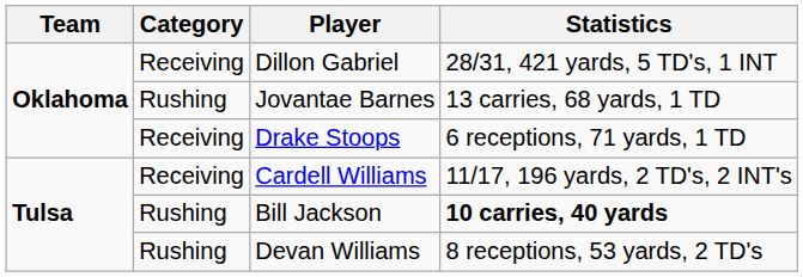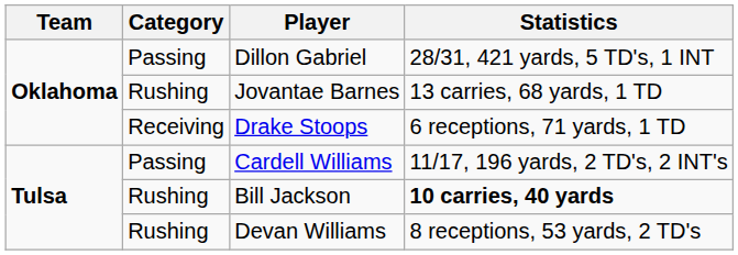 <table class="wikitable" style="float: right;">
 <tr>
 <th>Team</th>
 <th>Category</th>
 <th>Player</th>
 <th>Statistics</th>
 </tr>
 <tr>
 <td rowspan=3><strong>Oklahoma</strong></td>
-<td>Receiving</td>
+<td>Passing</td>
 <td>Dillon Gabriel</td>
 <td>28/31, 421 yards, 5 TD's, 1 INT</td>
 </tr>
 <tr>
 <td>Rushing</td>
 <td>Jovantae Barnes</td>
 <td>13 carries, 68 yards, 1 TD</td>
 </tr>
 <tr>
 <td>Receiving</td>
 <td><a href='#'>Drake Stoops</a></td>
 <td>6 receptions, 71 yards, 1 TD</td>
 </tr>
 <tr>
 <td rowspan=3><strong>Tulsa</strong></td>
-<td>Receiving</td>
+<td>Passing</td>
 <td><a href='#'>Cardell Williams</a></td>
 <td>11/17, 196 yards, 2 TD's, 2 INT's</td>
 </tr>
 <tr>
 <td>Rushing</td>
 <td>Bill Jackson</td>
 <td><strong>10 carries, 40 yards</strong></td>
 </tr>
 <tr>
 <td>Rushing</td>
 <td>Devan Williams</td>
 <td>8 receptions, 53 yards, 2 TD's</td>
 </tr>
 </table>
